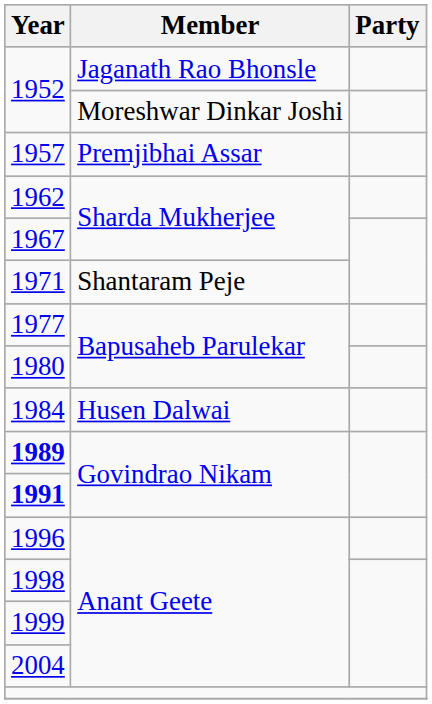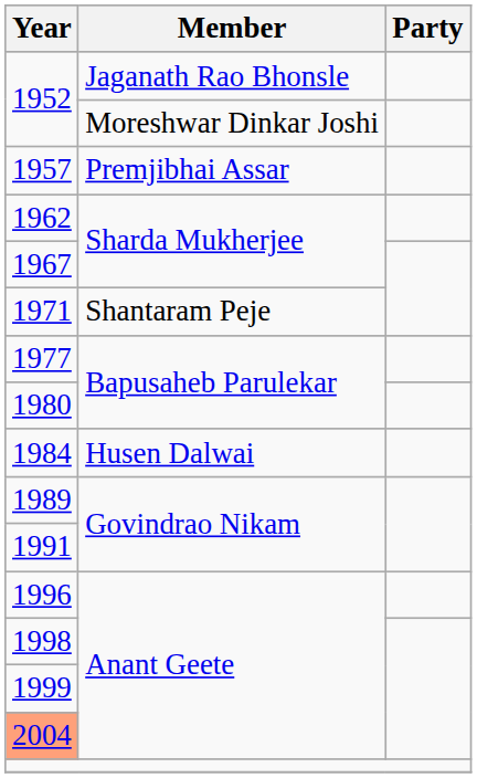 <table class="wikitable sortable">
 <tr>
 <th>Year</th>
 <th>Member</th>
 <th colspan="2">Party</th>
 </tr>
 <tr>
 <td rowspan="2"><a href='#'>1952</a></td>
 <td><a href='#'>Jaganath Rao Bhonsle</a></td>
 <td></td>
 </tr>
 <tr>
 <td>Moreshwar Dinkar Joshi</td>
 </tr>
 <tr>
 <td><a href='#'>1957</a></td>
 <td><a href='#'>Premjibhai Assar</a></td>
 <td></td>
 </tr>
 <tr>
 <td><a href='#'>1962</a></td>
 <td rowspan="2"><a href='#'>Sharda Mukherjee</a></td>
 <td></td>
 </tr>
 <tr>
 <td><a href='#'>1967</a></td>
 </tr>
 <tr>
 <td><a href='#'>1971</a></td>
 <td>Shantaram Peje </td>
 </tr>
 <tr>
 <td><a href='#'>1977</a></td>
 <td rowspan="2"><a href='#'>Bapusaheb Parulekar</a></td>
 <td></td>
 </tr>
 <tr>
 <td><a href='#'>1980</a></td>
 </tr>
 <tr>
 <td><a href='#'>1984</a></td>
 <td><a href='#'>Husen Dalwai</a></td>
 <td></td>
 </tr>
 <tr>
-<td><strong><a href='#'>1989</a></strong></td>
+<td><a href='#'>1989</a></td>
 <td rowspan="2"><a href='#'>Govindrao Nikam</a></td>
 </tr>
 <tr>
-<td><strong><a href='#'>1991</a></strong></td>
+<td><a href='#'>1991</a></td>
 </tr>
 <tr>
 <td><a href='#'>1996</a></td>
 <td rowspan="4"><a href='#'>Anant Geete</a></td>
 <td></td>
 </tr>
 <tr>
 <td><a href='#'>1998</a></td>
 </tr>
 <tr>
 <td><a href='#'>1999</a></td>
 </tr>
 <tr>
-<td><a href='#'>2004</a></td>
+<td style="background: lightsalmon;"><a href='#'>2004</a></td>
 </tr>
 <tr>
 <td colspan="4"></td>
 </tr>
 <tr>
 </tr>
 </table>
